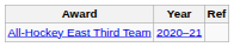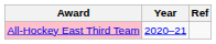 <table class="wikitable">
 <tr>
 <th>Award</th>
 <th>Year</th>
 <th>Ref</th>
 </tr>
 <tr>
-<td><a href='#'>All-Hockey East Third Team</a></td>
+<td style="background: pink;"><a href='#'>All-Hockey East Third Team</a></td>
 <td><a href='#'>2020–21</a></td>
 <td></td>
 </tr>
 </table>
